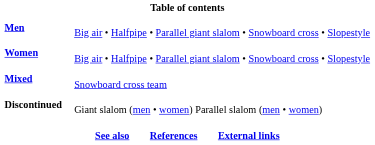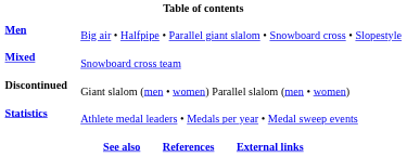 <table class="toc">
 <tr>
 <th colspan="2">Table of contents</th>
 </tr>
 <tr>
 <td style="padding-left:1em;"><strong><a href='#'>Men</a></strong></td>
-<td style="padding-left:1em; padding-right:1em;"><br><a href='#'>Big air</a> • <a href='#'>Halfpipe</a> • <a href='#'>Parallel giant slalom</a> • <a href='#'>Snowboard cross</a> • <a href='#'>Slopestyle</a></td>
-</tr>
-<tr>
-<td style="padding-left:1em;"><strong><a href='#'>Women</a></strong></td>
 <td style="padding-left:1em; padding-right:1em;"><br><a href='#'>Big air</a> • <a href='#'>Halfpipe</a> • <a href='#'>Parallel giant slalom</a> • <a href='#'>Snowboard cross</a> • <a href='#'>Slopestyle</a></td>
 </tr>
 <tr>
 <td style="padding-left:1em;"><strong><a href='#'>Mixed</a></strong></td>
 <td style="padding-left:1em; padding-right:1em;"><br><a href='#'>Snowboard cross team</a></td>
 </tr>
 <tr>
 <td style="padding-left:1em;"><strong>Discontinued</strong></td>
 <td style="padding-left:1em; padding-right:1em;"><br>Giant slalom (<a href='#'>men</a> • <a href='#'>women</a>) Parallel slalom (<a href='#'>men</a> • <a href='#'>women</a>)</td>
 </tr>
 <tr>
+<td style="padding-left:1em;"><strong><a href='#'>Statistics</a></strong></td>
+<td style="padding-left:1em; padding-right:1em;"><br><a href='#'>Athlete medal leaders</a> • <a href='#'>Medals per year</a> • <a href='#'>Medal sweep events</a></td>
+</tr>
+<tr>
 <td colspan="2" style="text-align:center"><br><strong><a href='#'>See also</a></strong>        <strong><a href='#'>References</a></strong>        <strong><a href='#'>External links</a></strong></td>
 </tr>
 </table>
